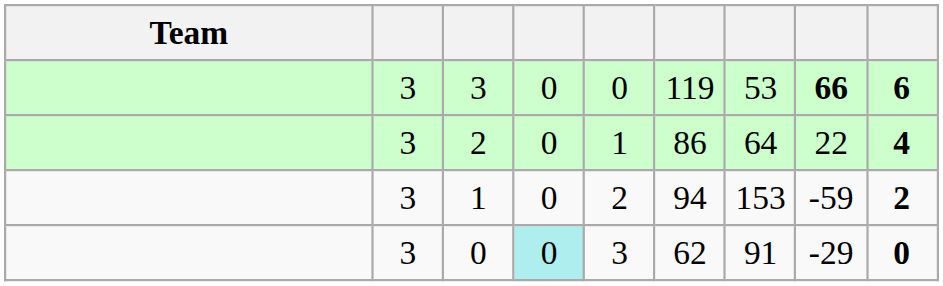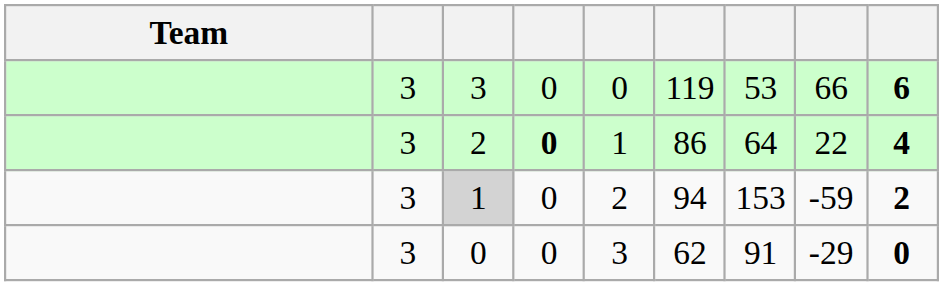 <table class="wikitable" style="text-align: center; font-size:95% ">
 <tr>
 <th width=160>Team</th>
 <th width=25></th>
 <th width=25></th>
 <th width=25></th>
 <th width=25></th>
 <th width=25></th>
 <th width=25></th>
 <th width=25></th>
 <th width=25></th>
 </tr>
 <tr bgcolor=ccffcc>
 <td align=left></td>
 <td>3</td>
 <td>3</td>
 <td>0</td>
 <td>0</td>
 <td>119</td>
 <td>53</td>
-<td><strong>66</strong></td>
+<td>66</td>
 <td><strong>6</strong></td>
 </tr>
 <tr bgcolor=ccffcc>
 <td align=left></td>
 <td>3</td>
 <td>2</td>
-<td>0</td>
+<td><strong>0</strong></td>
 <td>1</td>
 <td>86</td>
 <td>64</td>
 <td>22</td>
 <td><strong>4</strong></td>
 </tr>
 <tr>
 <td align=left></td>
 <td>3</td>
-<td>1</td>
+<td style="background: lightgrey;">1</td>
 <td>0</td>
 <td>2</td>
 <td>94</td>
 <td>153</td>
 <td>-59</td>
 <td><strong>2</strong></td>
 </tr>
 <tr>
 <td align=left></td>
 <td>3</td>
 <td>0</td>
-<td style="background: paleturquoise;">0</td>
+<td>0</td>
 <td>3</td>
 <td>62</td>
 <td>91</td>
 <td>-29</td>
 <td><strong>0</strong></td>
 </tr>
 </table>
